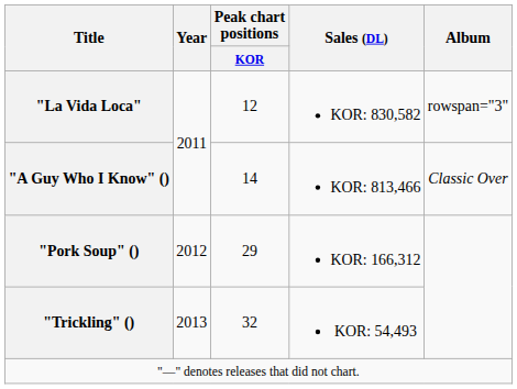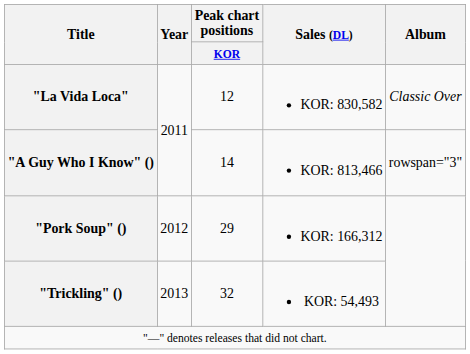 <table class="wikitable plainrowheaders" style="text-align:center;">
 <tr>
 <th scope="col" rowspan="2">Title</th>
 <th scope="col" rowspan="2">Year</th>
 <th scope="col" colspan="1">Peak chart <br> positions</th>
 <th scope="col" rowspan="2">Sales <small>(<a href='#'>DL</a>)</small></th>
 <th scope="col" rowspan="2">Album</th>
 </tr>
 <tr>
 <th><small><a href='#'>KOR</a></small><br></th>
 </tr>
 <tr>
 <th scope="row">"La Vida Loca"</th>
 <td rowspan="2">2011</td>
 <td>12</td>
 <td><br><ul><li>KOR: 830,582</li></ul></td>
-<td>rowspan="3" </td>
+<td><em>Classic Over</em></td>
 </tr>
 <tr>
 <th scope="row">"A Guy Who I Know" ()</th>
 <td>14</td>
 <td><br><ul><li>KOR: 813,466</li></ul></td>
-<td><em>Classic Over</em></td>
+<td>rowspan="3" </td>
 </tr>
 <tr>
 <th scope="row">"Pork Soup" ()</th>
 <td>2012</td>
 <td>29</td>
 <td><br><ul><li>KOR: 166,312</li></ul></td>
 </tr>
 <tr>
 <th scope="row">"Trickling" ()</th>
 <td>2013</td>
 <td>32</td>
 <td><br><ul><li>KOR: 54,493</li></ul></td>
 </tr>
 <tr>
 <td colspan="5" align="center"><small>"—" denotes releases that did not chart.</small></td>
 </tr>
 </table>
